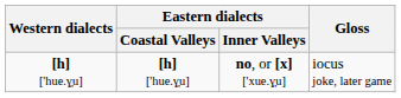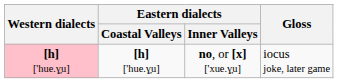 <table class="wikitable" style="margin: 1em auto 1em auto;">
 <tr>
 <th rowspan ="2">Western dialects</th>
 <th colspan="2">Eastern dialects</th>
 <th rowspan="2">Gloss</th>
 </tr>
 <tr>
 <th>Coastal Valleys</th>
 <th>Inner Valleys</th>
 </tr>
 <tr>
-<td align="center"><strong>[h]</strong> <br> <small>['hue.ɣ̞u]</small></td>
+<td align="center" style="background: pink;"><strong>[h]</strong> <br> <small>['hue.ɣ̞u]</small></td>
 <td align="center"><strong>[h]</strong> <br> <small>['hue.ɣ̞u]</small></td>
 <td align="center"><strong>no</strong>, or <strong>[x]</strong> <br> <small>['xue.ɣ̞u]</small></td>
 <td>iocus <br> <small>joke, later game</small></td>
 </tr>
 </table>
